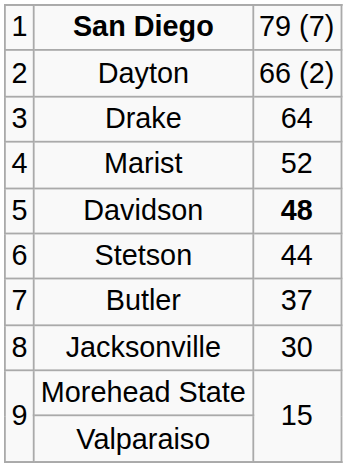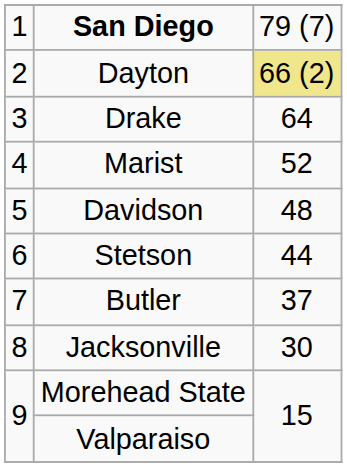 <table class="wikitable">
 <tr align="center">
 </tr>
 <tr align="center">
 <td>1</td>
 <td><strong>San Diego</strong></td>
 <td>79 (7)</td>
 </tr>
 <tr align="center">
 <td>2</td>
 <td>Dayton</td>
-<td>66 (2)</td>
+<td style="background: khaki;">66 (2)</td>
 </tr>
 <tr align="center">
 <td>3</td>
 <td>Drake</td>
 <td>64</td>
 </tr>
 <tr align="center">
 <td>4</td>
 <td>Marist</td>
 <td>52</td>
 </tr>
 <tr align="center">
 <td>5</td>
 <td>Davidson</td>
-<td><strong>48</strong></td>
+<td>48</td>
 </tr>
 <tr align="center">
 <td>6</td>
 <td>Stetson</td>
 <td>44</td>
 </tr>
 <tr align="center">
 <td>7</td>
 <td>Butler</td>
 <td>37</td>
 </tr>
 <tr align="center">
 <td>8</td>
 <td>Jacksonville</td>
 <td>30</td>
 </tr>
 <tr align="center">
 <td rowspan=2>9</td>
 <td>Morehead State</td>
 <td rowspan=2>15</td>
 </tr>
 <tr align="center">
 <td>Valparaiso</td>
 </tr>
 <tr>
 </tr>
 </table>
